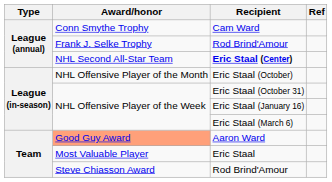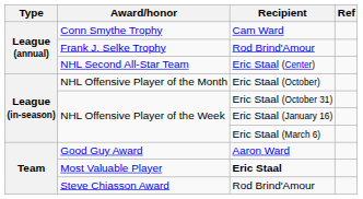 <table class="wikitable">
 <tr>
 <th scope="col">Type</th>
 <th scope="col">Award/honor</th>
 <th scope="col">Recipient</th>
 <th scope="col">Ref</th>
 </tr>
 <tr>
 <th scope="row" rowspan="3">League<br><small>(annual)</small></th>
 <td><a href='#'>Conn Smythe Trophy</a></td>
 <td><a href='#'>Cam Ward</a></td>
 <td></td>
 </tr>
 <tr>
 <td><a href='#'>Frank J. Selke Trophy</a></td>
 <td><a href='#'>Rod Brind'Amour</a></td>
 <td></td>
 </tr>
 <tr>
 <td><a href='#'>NHL Second All-Star Team</a></td>
-<td><strong><a href='#'>Eric Staal</a> <small>(<a href='#'>Center</a>)</small></strong></td>
+<td><a href='#'>Eric Staal</a> <small>(<a href='#'>Center</a>)</small></td>
 <td></td>
 </tr>
 <tr>
 <th scope="row" rowspan="4">League<br><small>(in-season)</small></th>
 <td>NHL Offensive Player of the Month</td>
 <td>Eric Staal <small>(October)</small></td>
 <td></td>
 </tr>
 <tr>
 <td rowspan="3">NHL Offensive Player of the Week</td>
 <td>Eric Staal <small>(October 31)</small></td>
 <td></td>
 </tr>
 <tr>
 <td>Eric Staal <small>(January 16)</small></td>
 <td></td>
 </tr>
 <tr>
 <td>Eric Staal <small>(March 6)</small></td>
 <td></td>
 </tr>
 <tr>
 <th scope="row" rowspan="3">Team</th>
-<td style="background: lightsalmon;"><a href='#'>Good Guy Award</a></td>
+<td><a href='#'>Good Guy Award</a></td>
 <td><a href='#'>Aaron Ward</a></td>
 <td></td>
 </tr>
 <tr>
 <td><a href='#'>Most Valuable Player</a></td>
-<td>Eric Staal</td>
+<td><strong>Eric Staal</strong></td>
 <td></td>
 </tr>
 <tr>
 <td><a href='#'>Steve Chiasson Award</a></td>
 <td>Rod Brind'Amour</td>
 <td></td>
 </tr>
 </table>
